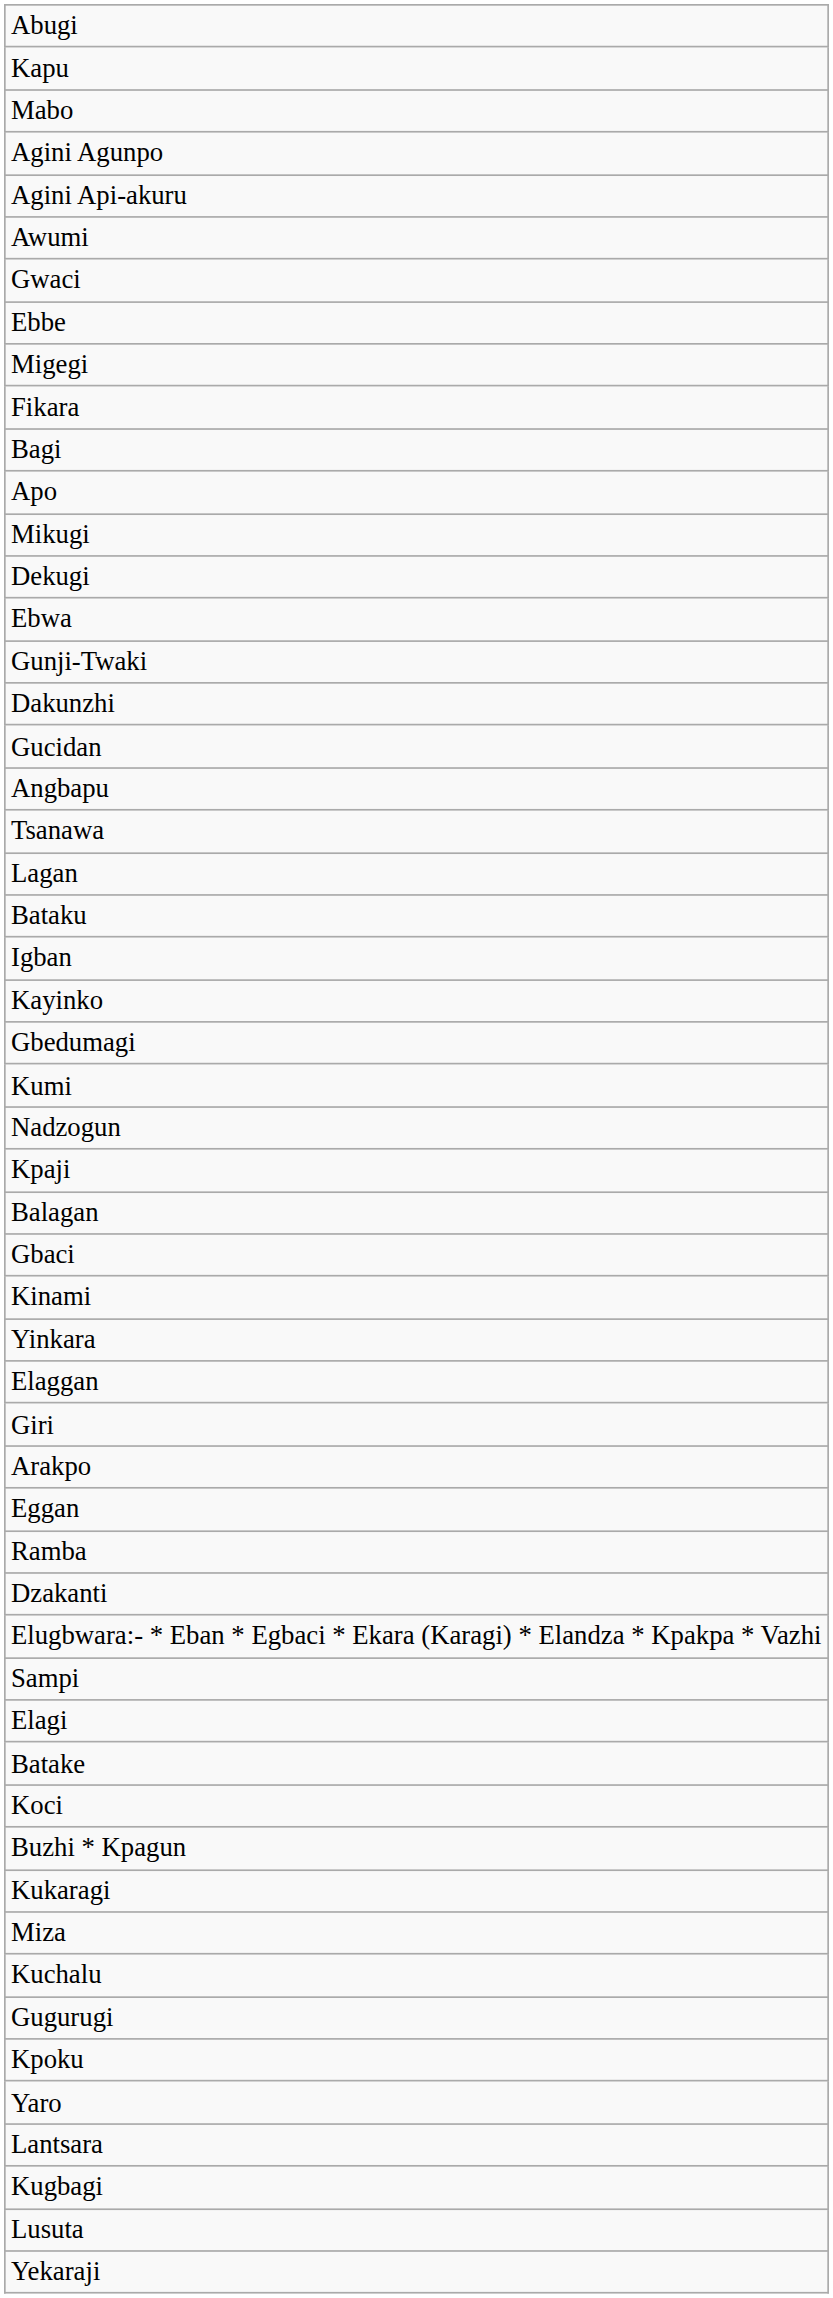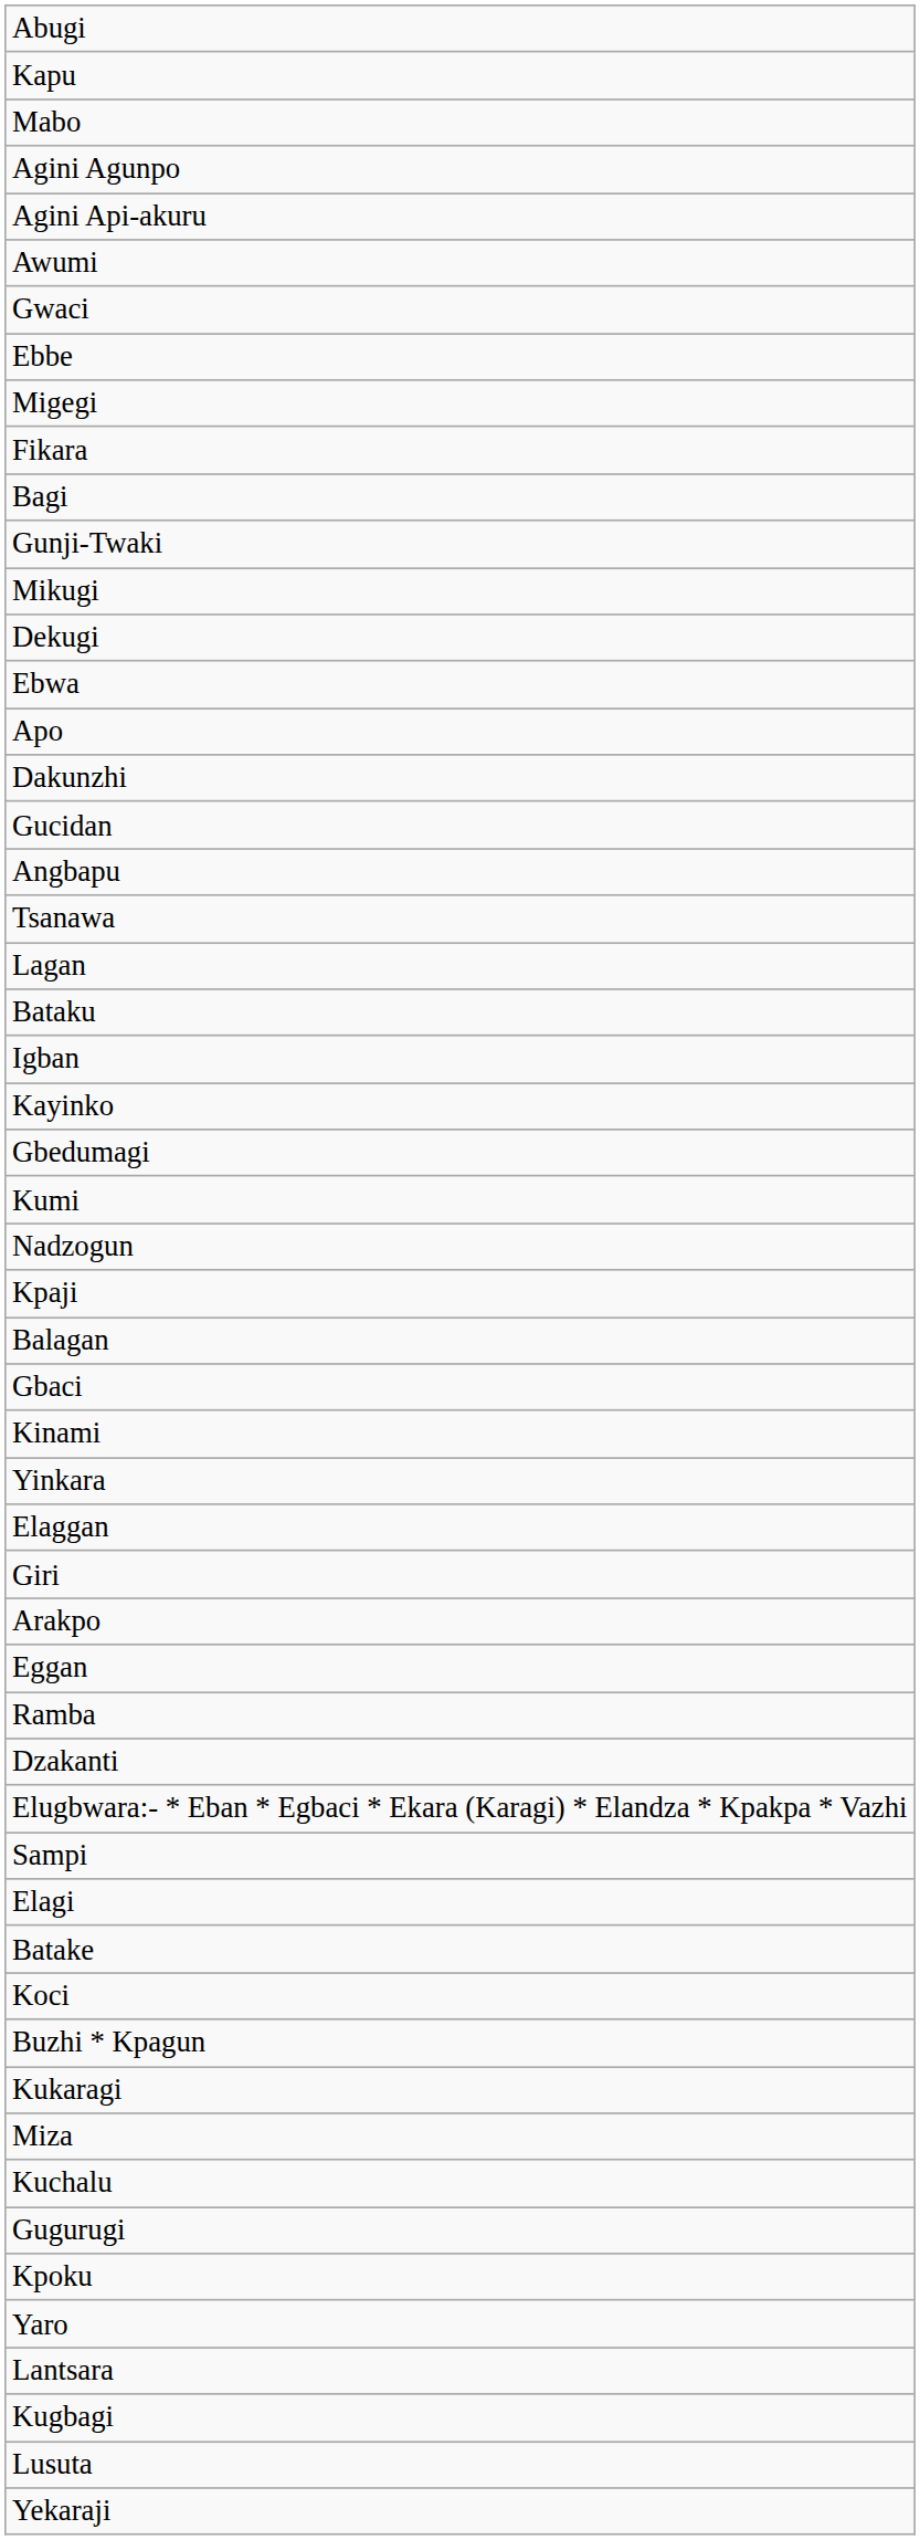 <table class="wikitable">
 <tr>
 <td>Abugi</td>
 </tr>
 <tr>
 <td>Kapu</td>
 </tr>
 <tr>
 <td>Mabo</td>
 </tr>
 <tr>
 <td>Agini Agunpo</td>
 </tr>
 <tr>
 <td>Agini Api-akuru</td>
 </tr>
 <tr>
 <td>Awumi</td>
 </tr>
 <tr>
 <td>Gwaci</td>
 </tr>
 <tr>
 <td>Ebbe</td>
 </tr>
 <tr>
 <td>Migegi</td>
 </tr>
 <tr>
 <td>Fikara</td>
 </tr>
 <tr>
 <td>Bagi</td>
 </tr>
 <tr>
-<td>Apo</td>
+<td>Gunji-Twaki</td>
 </tr>
 <tr>
 <td>Mikugi</td>
 </tr>
 <tr>
 <td>Dekugi</td>
 </tr>
 <tr>
 <td>Ebwa</td>
 </tr>
 <tr>
-<td>Gunji-Twaki</td>
+<td>Apo</td>
 </tr>
 <tr>
 <td>Dakunzhi</td>
 </tr>
 <tr>
 <td>Gucidan</td>
 </tr>
 <tr>
 <td>Angbapu</td>
 </tr>
 <tr>
 <td>Tsanawa</td>
 </tr>
 <tr>
 <td>Lagan</td>
 </tr>
 <tr>
 <td>Bataku</td>
 </tr>
 <tr>
 <td>Igban</td>
 </tr>
 <tr>
 <td>Kayinko</td>
 </tr>
 <tr>
 <td>Gbedumagi</td>
 </tr>
 <tr>
 <td>Kumi</td>
 </tr>
 <tr>
 <td>Nadzogun</td>
 </tr>
 <tr>
 <td>Kpaji</td>
 </tr>
 <tr>
 <td>Balagan</td>
 </tr>
 <tr>
 <td>Gbaci</td>
 </tr>
 <tr>
 <td>Kinami</td>
 </tr>
 <tr>
 <td>Yinkara</td>
 </tr>
 <tr>
 <td>Elaggan</td>
 </tr>
 <tr>
 <td>Giri</td>
 </tr>
 <tr>
 <td>Arakpo</td>
 </tr>
 <tr>
 <td>Eggan</td>
 </tr>
 <tr>
 <td>Ramba</td>
 </tr>
 <tr>
 <td>Dzakanti</td>
 </tr>
 <tr>
 <td>Elugbwara:- * Eban * Egbaci * Ekara (Karagi) * Elandza * Kpakpa * Vazhi</td>
 </tr>
 <tr>
 <td>Sampi</td>
 </tr>
 <tr>
 <td>Elagi</td>
 </tr>
 <tr>
 <td>Batake</td>
 </tr>
 <tr>
 <td>Koci</td>
 </tr>
 <tr>
 <td>Buzhi * Kpagun</td>
 </tr>
 <tr>
 <td>Kukaragi</td>
 </tr>
 <tr>
 <td>Miza</td>
 </tr>
 <tr>
 <td>Kuchalu</td>
 </tr>
 <tr>
 <td>Gugurugi</td>
 </tr>
 <tr>
 <td>Kpoku</td>
 </tr>
 <tr>
 <td>Yaro</td>
 </tr>
 <tr>
 <td>Lantsara</td>
 </tr>
 <tr>
 <td>Kugbagi</td>
 </tr>
 <tr>
 <td>Lusuta</td>
 </tr>
 <tr>
 <td>Yekaraji</td>
 </tr>
 </table>
